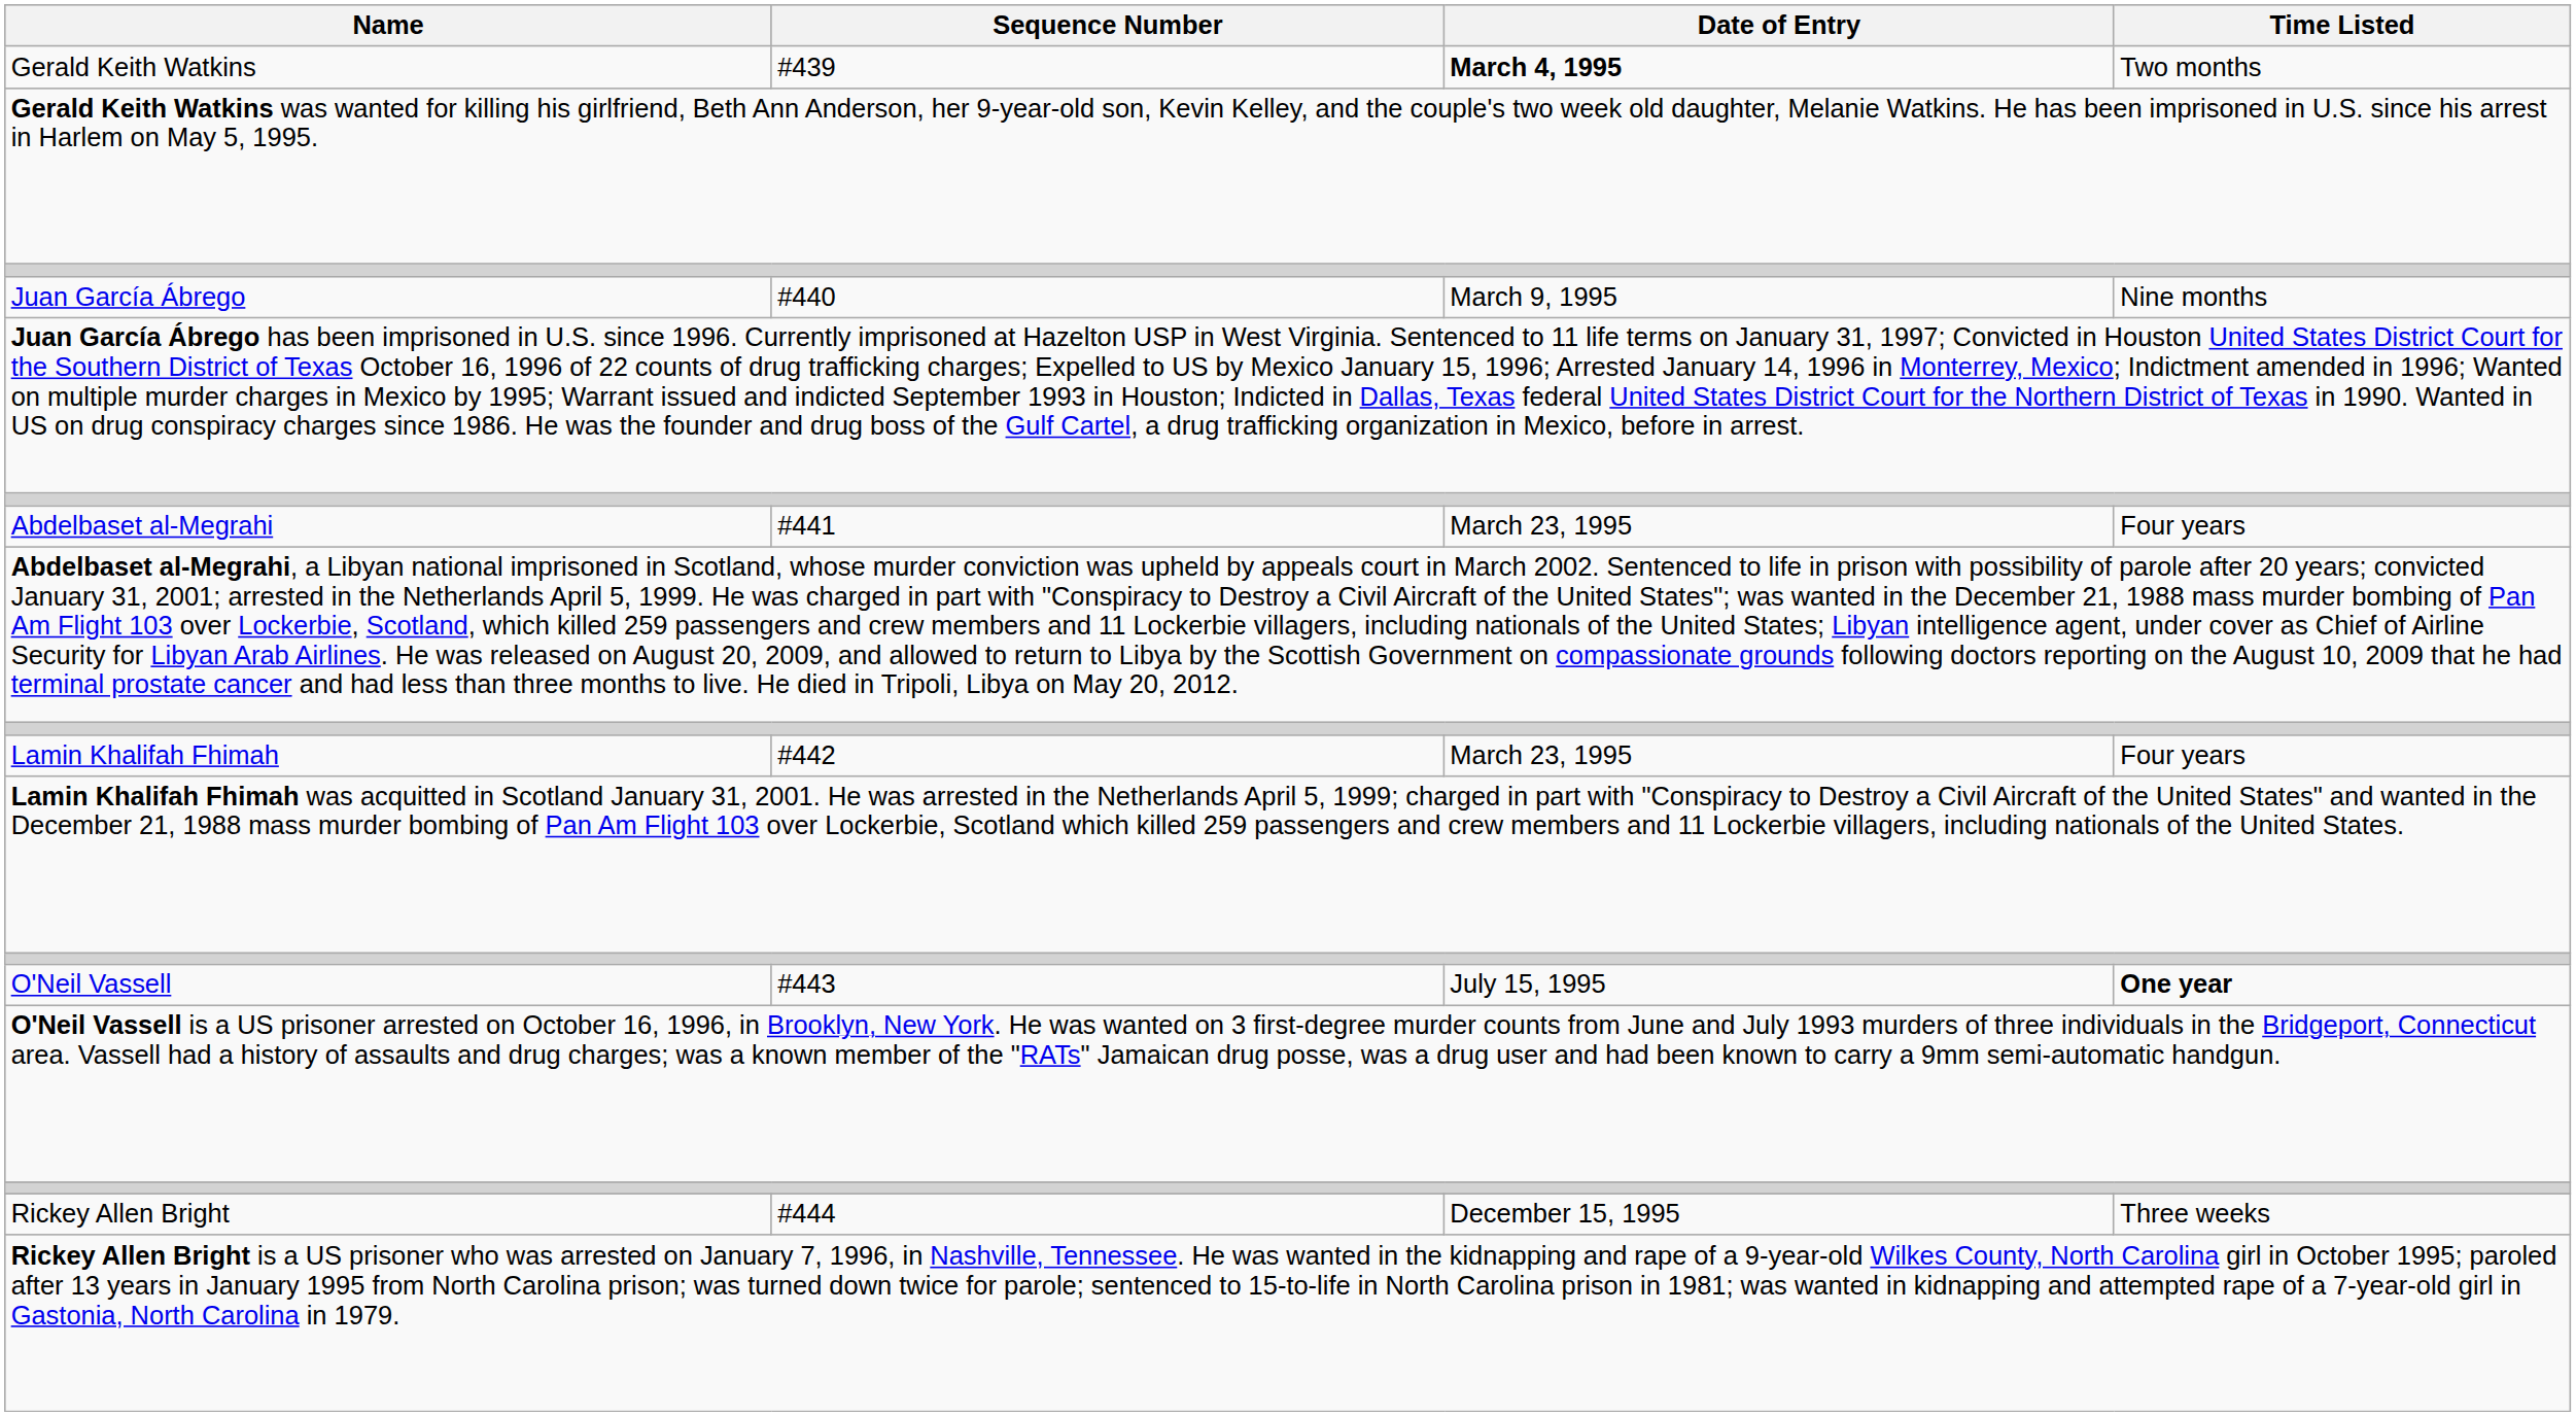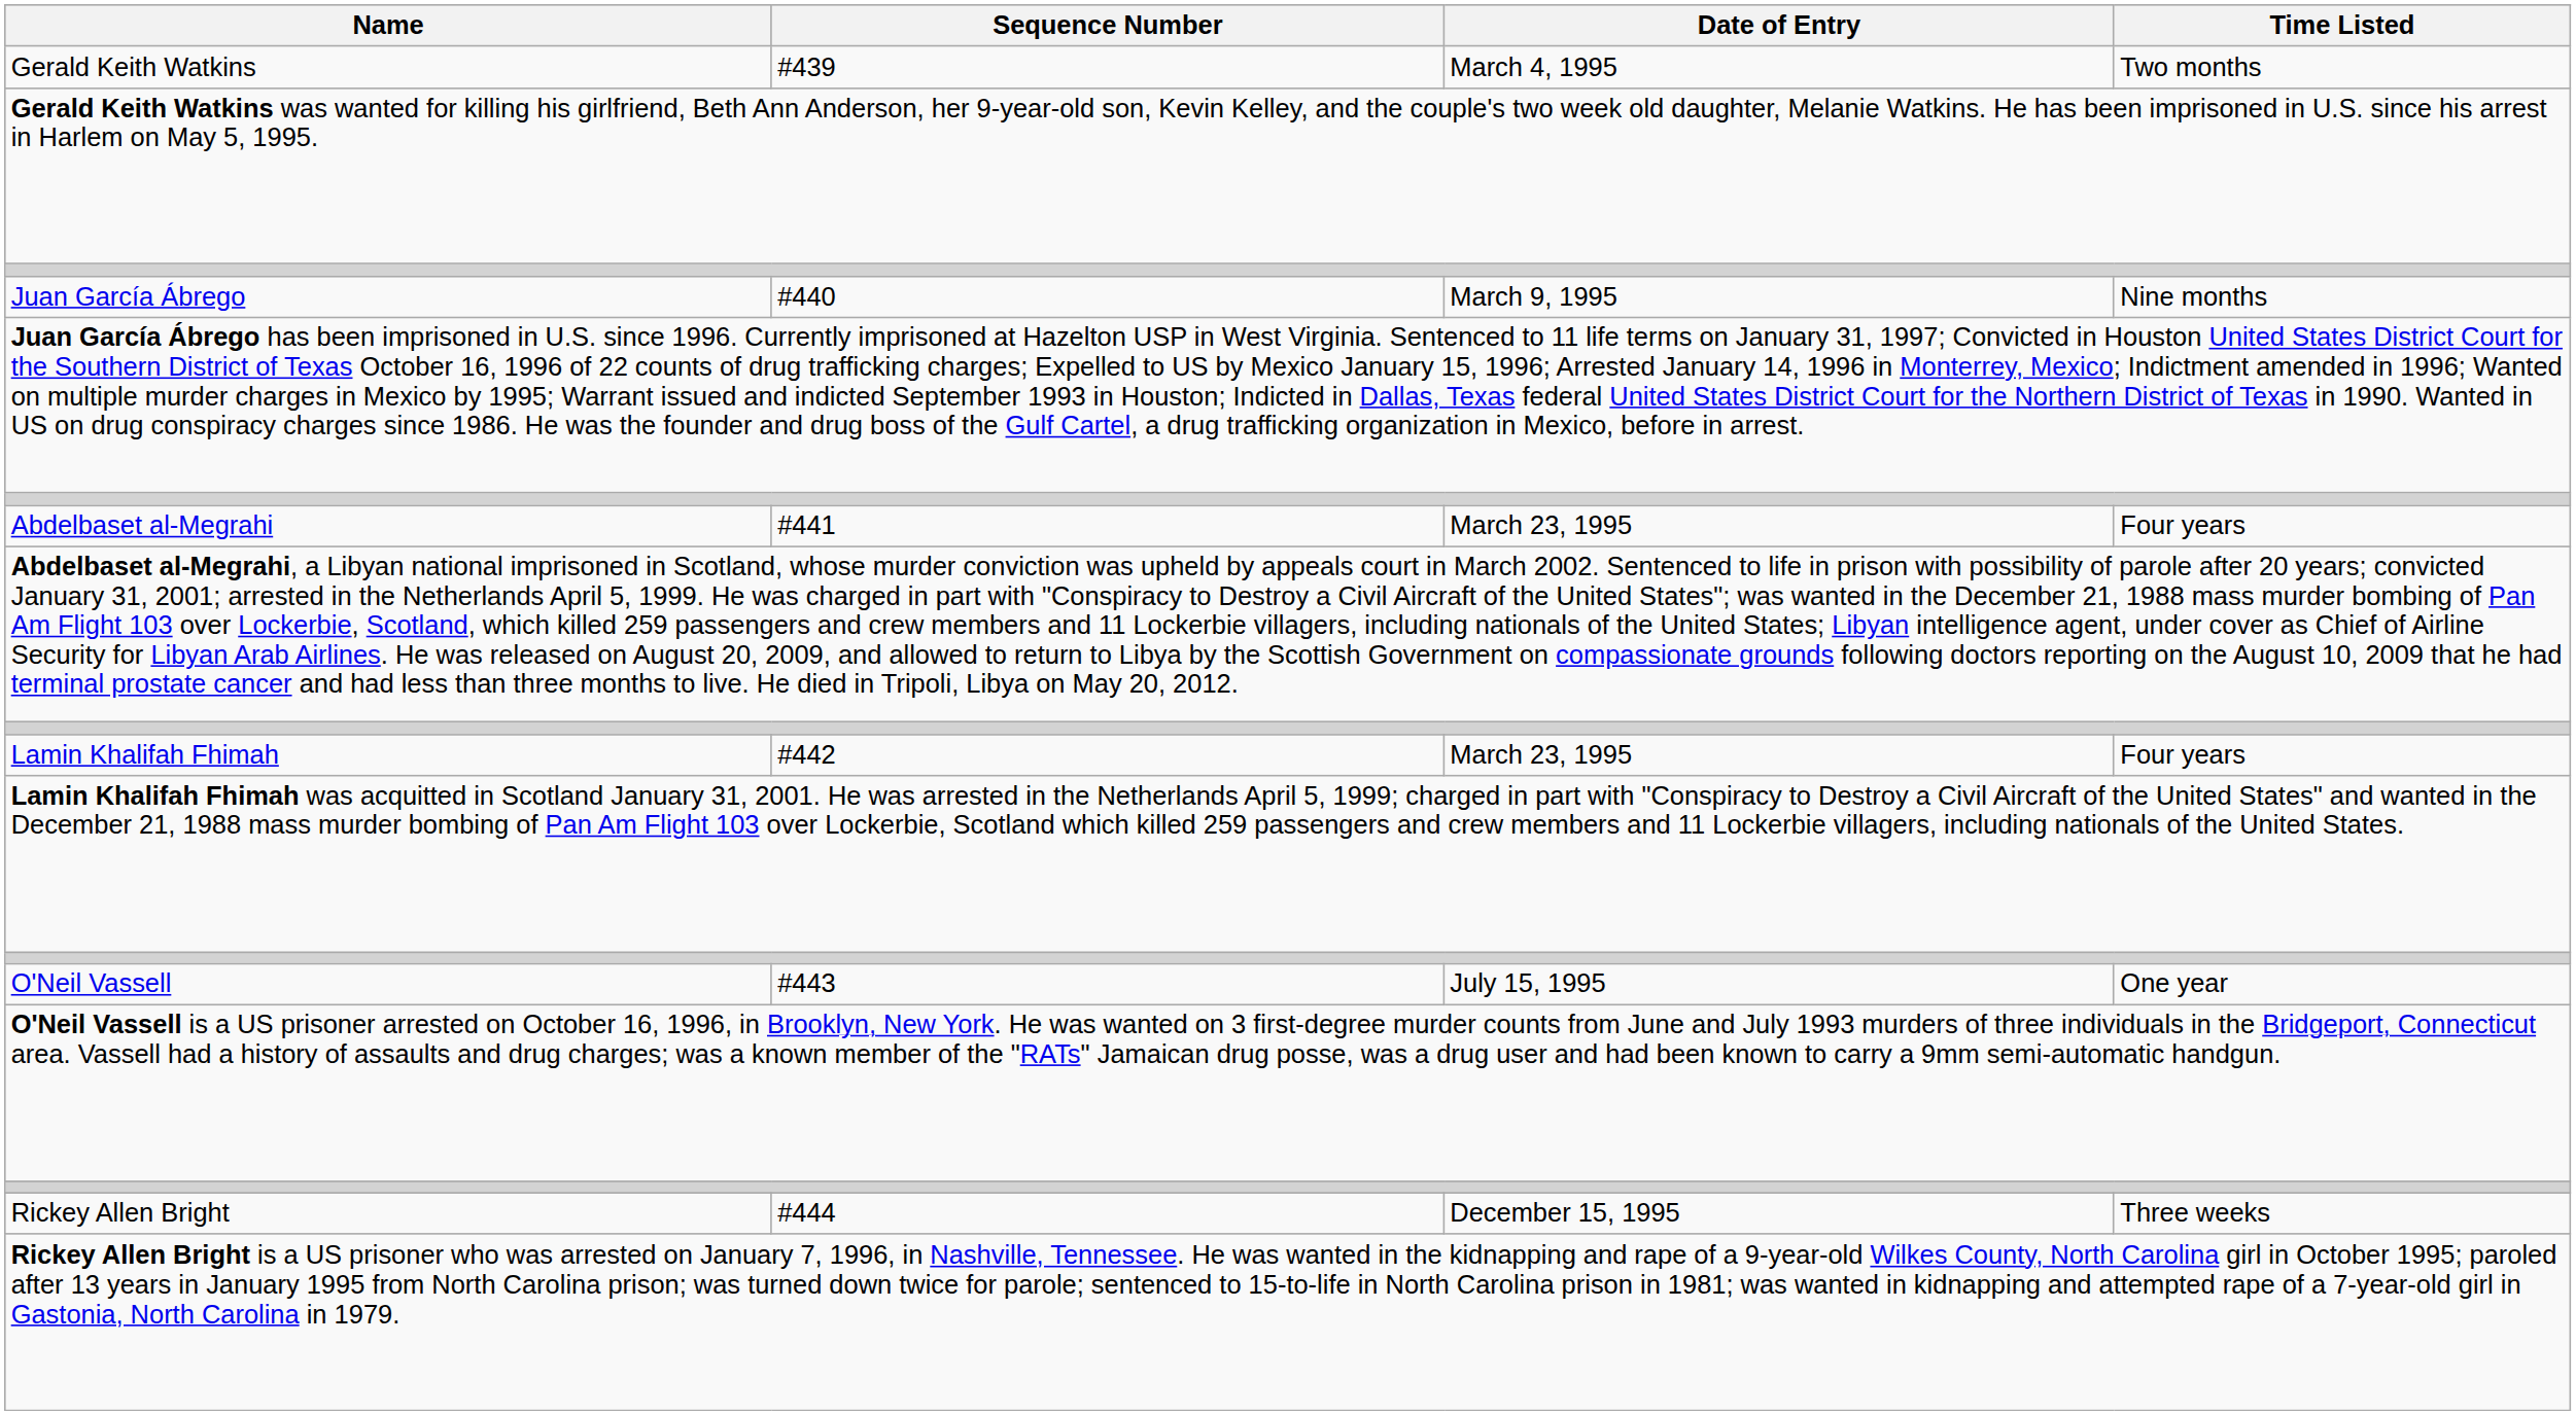 <table class="wikitable">
 <tr>
 <th>Name</th>
 <th>Sequence Number</th>
 <th>Date of Entry</th>
 <th>Time Listed</th>
 </tr>
 <tr>
 <td height="10">Gerald Keith Watkins</td>
 <td>#439</td>
-<td><strong>March 4, 1995</strong></td>
+<td>March 4, 1995</td>
 <td>Two months</td>
 </tr>
 <tr>
 <td colspan="4" valign="top" height="100"><strong>Gerald Keith Watkins</strong> was wanted for killing his girlfriend, Beth Ann Anderson, her 9-year-old son, Kevin Kelley, and the couple's two week old daughter, Melanie Watkins. He has been imprisoned in U.S. since his arrest in Harlem on May 5, 1995.</td>
 </tr>
 <tr>
 <td colSpan="4" style="background-color:lightgrey;"></td>
 </tr>
 <tr>
 <td height="10"><a href='#'>Juan García Ábrego</a></td>
 <td>#440</td>
 <td>March 9, 1995</td>
 <td>Nine months</td>
 </tr>
 <tr>
 <td colspan="4" valign="top" height="100"><strong>Juan García Ábrego</strong> has been imprisoned in U.S. since 1996. Currently imprisoned at Hazelton USP in West Virginia. Sentenced to 11 life terms on January 31, 1997; Convicted in Houston <a href='#'>United States District Court for the Southern District of Texas</a> October 16, 1996 of 22 counts of drug trafficking charges; Expelled to US by Mexico January 15, 1996; Arrested January 14, 1996 in <a href='#'>Monterrey, Mexico</a>; Indictment amended in 1996; Wanted on multiple murder charges in Mexico by 1995; Warrant issued and indicted September 1993 in Houston; Indicted in <a href='#'>Dallas, Texas</a> federal <a href='#'>United States District Court for the Northern District of Texas</a> in 1990. Wanted in US on drug conspiracy charges since 1986. He was the founder and drug boss of the <a href='#'>Gulf Cartel</a>, a drug trafficking organization in Mexico, before in arrest.</td>
 </tr>
 <tr>
 <td colSpan="4" style="background-color:lightgrey;"></td>
 </tr>
 <tr>
 <td height="10"><a href='#'>Abdelbaset al-Megrahi</a></td>
 <td>#441</td>
 <td>March 23, 1995</td>
 <td>Four years</td>
 </tr>
 <tr>
 <td colspan="4" valign="top" height="100"><strong>Abdelbaset al-Megrahi</strong>, a Libyan national imprisoned in Scotland, whose murder conviction was upheld by appeals court in March 2002. Sentenced to life in prison with possibility of parole after 20 years; convicted January 31, 2001; arrested in the Netherlands April 5, 1999. He was charged in part with "Conspiracy to Destroy a Civil Aircraft of the United States"; was wanted in the December 21, 1988 mass murder bombing of <a href='#'>Pan Am Flight 103</a> over <a href='#'>Lockerbie</a>, <a href='#'>Scotland</a>, which killed 259 passengers and crew members and 11 Lockerbie villagers, including nationals of the United States; <a href='#'>Libyan</a> intelligence agent, under cover as Chief of Airline Security for <a href='#'>Libyan Arab Airlines</a>. He was released on August 20, 2009, and allowed to return to Libya by the Scottish Government on <a href='#'>compassionate grounds</a> following doctors reporting on the August 10, 2009 that he had <a href='#'>terminal prostate cancer</a> and had less than three months to live. He died in Tripoli, Libya on May 20, 2012.</td>
 </tr>
 <tr>
 <td colSpan="4" style="background-color:lightgrey;"></td>
 </tr>
 <tr>
 <td height="10"><a href='#'>Lamin Khalifah Fhimah</a></td>
 <td>#442</td>
 <td>March 23, 1995</td>
 <td>Four years</td>
 </tr>
 <tr>
 <td colspan="4" valign="top" height="100"><strong>Lamin Khalifah Fhimah</strong> was acquitted in Scotland January 31, 2001. He was arrested in the Netherlands April 5, 1999; charged in part with "Conspiracy to Destroy a Civil Aircraft of the United States" and wanted in the December 21, 1988 mass murder bombing of <a href='#'>Pan Am Flight 103</a> over Lockerbie, Scotland which killed 259 passengers and crew members and 11 Lockerbie villagers, including nationals of the United States.</td>
 </tr>
 <tr>
 <td colSpan="4" style="background-color:lightgrey;"></td>
 </tr>
 <tr>
 <td height="10"><a href='#'>O'Neil Vassell</a></td>
 <td>#443</td>
 <td>July 15, 1995</td>
-<td><strong>One year</strong></td>
+<td>One year</td>
 </tr>
 <tr>
 <td colspan="4" valign="top" height="100"><strong>O'Neil Vassell</strong> is a US prisoner arrested on October 16, 1996, in <a href='#'>Brooklyn, New York</a>. He was wanted on 3 first-degree murder counts from June and July 1993 murders of three individuals in the <a href='#'>Bridgeport, Connecticut</a> area. Vassell had a history of assaults and drug charges; was a known member of the "<a href='#'>RATs</a>" Jamaican drug posse, was a drug user and had been known to carry a 9mm semi-automatic handgun.</td>
 </tr>
 <tr>
 <td colSpan="4" style="background-color:lightgrey;"></td>
 </tr>
 <tr>
 <td height="10">Rickey Allen Bright</td>
 <td>#444</td>
 <td>December 15, 1995</td>
 <td>Three weeks</td>
 </tr>
 <tr>
 <td colspan="4" valign="top" height="100"><strong>Rickey Allen Bright</strong> is a US prisoner who was arrested on January 7, 1996, in <a href='#'>Nashville, Tennessee</a>. He was wanted in the kidnapping and rape of a 9-year-old <a href='#'>Wilkes County, North Carolina</a> girl in October 1995; paroled after 13 years in January 1995 from North Carolina prison; was turned down twice for parole; sentenced to 15-to-life in North Carolina prison in 1981; was wanted in kidnapping and attempted rape of a 7-year-old girl in <a href='#'>Gastonia, North Carolina</a> in 1979.</td>
 </tr>
 </table>
